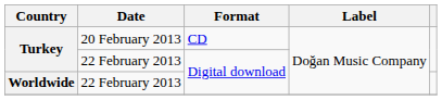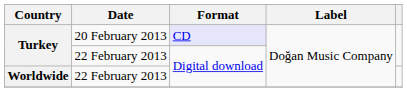 <table class="wikitable plainrowheaders">
 <tr>
 <th scope="col">Country</th>
 <th scope="col">Date</th>
 <th scope="col">Format</th>
 <th scope="col">Label</th>
 <th scope="col"></th>
 </tr>
 <tr>
 <th scope="row" rowspan="2">Turkey</th>
 <td>20 February 2013</td>
-<td><a href='#'>CD</a></td>
+<td style="background: lavender;"><a href='#'>CD</a></td>
 <td rowspan="3">Doğan Music Company</td>
 <td align="center" rowspan="2"></td>
 </tr>
 <tr>
 <td>22 February 2013</td>
 <td rowspan="2"><a href='#'>Digital download</a></td>
 </tr>
 <tr>
 <th scope="row">Worldwide</th>
 <td>22 February 2013</td>
 <td align="center"></td>
 </tr>
 <tr>
 </tr>
 </table>
